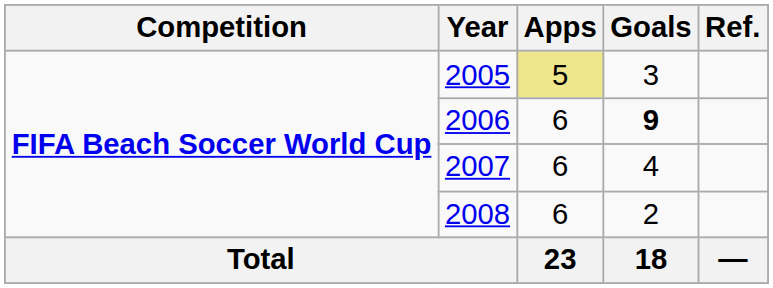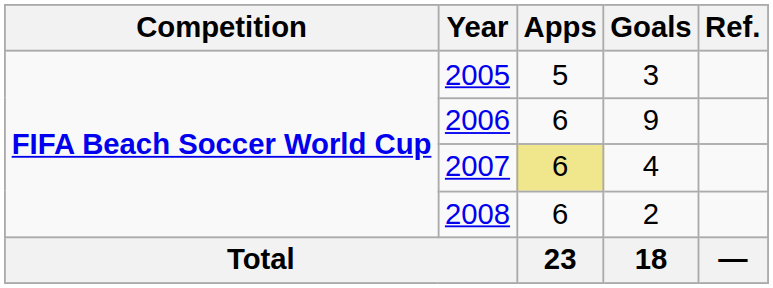 <table class="wikitable" style="text-align:center;">
 <tr>
 <th>Competition</th>
 <th>Year</th>
 <th>Apps</th>
 <th>Goals</th>
 <th>Ref.</th>
 </tr>
 <tr>
 <td rowspan="4"><strong><a href='#'>FIFA Beach Soccer World Cup</a></strong></td>
 <td> <a href='#'>2005</a></td>
-<td style="background: khaki;">5</td>
+<td>5</td>
 <td>3</td>
 <td></td>
 </tr>
 <tr>
 <td> <a href='#'>2006</a></td>
 <td>6</td>
-<td><strong>9</strong></td>
+<td>9</td>
 <td></td>
 </tr>
 <tr>
 <td> <a href='#'>2007</a></td>
-<td>6</td>
+<td style="background: khaki;">6</td>
 <td>4</td>
 <td></td>
 </tr>
 <tr>
 <td> <a href='#'>2008</a></td>
 <td>6</td>
 <td>2</td>
 <td></td>
 </tr>
 <tr>
 <th colspan=2>Total</th>
 <th>23</th>
 <th>18</th>
 <th>—</th>
 </tr>
 </table>
